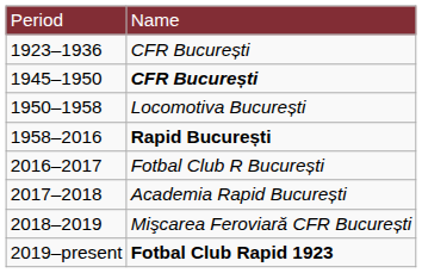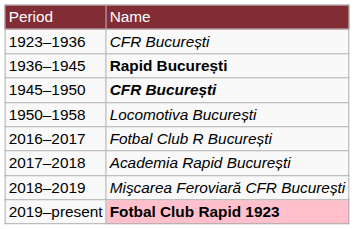 <table class="wikitable" style="text-align: left" align="right">
 <tr>
 <td style="background:#822d35;color:#fefefe;">Period</td>
 <td style="background:#822d35;color:#fefefe;">Name</td>
 </tr>
 <tr>
 <td>1923–1936</td>
 <td align="left"><em>CFR București</em></td>
 </tr>
 <tr>
+<td>1936–1945</td>
+<td align="left"><strong>Rapid București</strong></td>
+</tr>
+<tr>
 <td>1945–1950</td>
 <td align="left"><strong><em>CFR București</em></strong></td>
 </tr>
 <tr>
 <td>1950–1958</td>
 <td align="left"><em>Locomotiva București</em></td>
-</tr>
-<tr>
-<td>1958–2016</td>
-<td align="left"><strong>Rapid București</strong></td>
 </tr>
 <tr>
 <td>2016–2017</td>
 <td align="left"><em>Fotbal Club R București</em></td>
 </tr>
 <tr>
 <td>2017–2018</td>
 <td align="left"><em>Academia Rapid București</em></td>
 </tr>
 <tr>
 <td>2018–2019</td>
 <td align="left"><em>Mişcarea Feroviară CFR București</em></td>
 </tr>
 <tr>
 <td>2019–present</td>
-<td align="left"><strong>Fotbal Club Rapid 1923</strong></td>
+<td align="left" style="background: pink;"><strong>Fotbal Club Rapid 1923</strong></td>
 </tr>
 </table>
